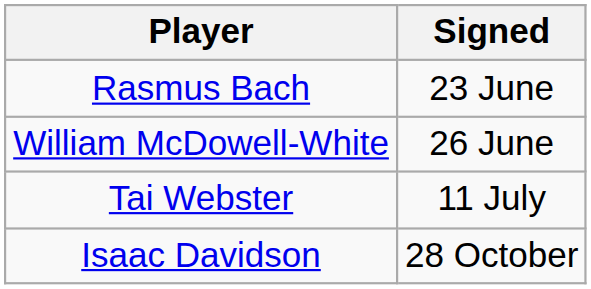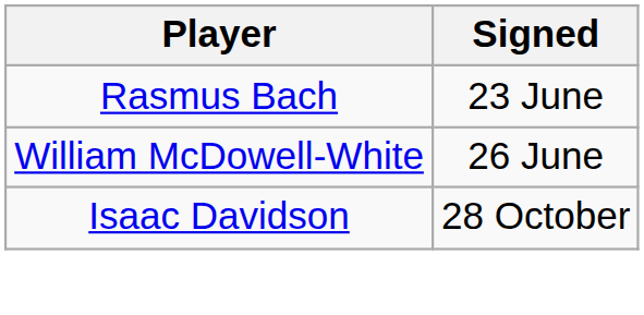 <table class="wikitable sortable sortable" style="text-align: center">
 <tr>
 <th>Player</th>
 <th>Signed</th>
 </tr>
 <tr>
 <td><a href='#'>Rasmus Bach</a></td>
 <td>23 June</td>
 </tr>
 <tr>
 <td><a href='#'>William McDowell-White</a></td>
 <td>26 June</td>
 </tr>
 <tr>
-<td><a href='#'>Tai Webster</a></td>
-<td>11 July</td>
-</tr>
-<tr>
 <td><a href='#'>Isaac Davidson</a></td>
 <td>28 October</td>
 </tr>
 </table>
